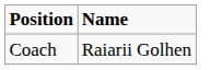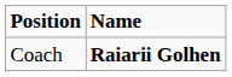 <table class="wikitable">
 <tr>
 <td><strong>Position</strong></td>
 <td><strong>Name</strong></td>
 </tr>
 <tr>
 <td>Coach</td>
-<td> Raiarii Golhen</td>
+<td><strong> Raiarii Golhen</strong></td>
 </tr>
 <tr>
 </tr>
 </table>
